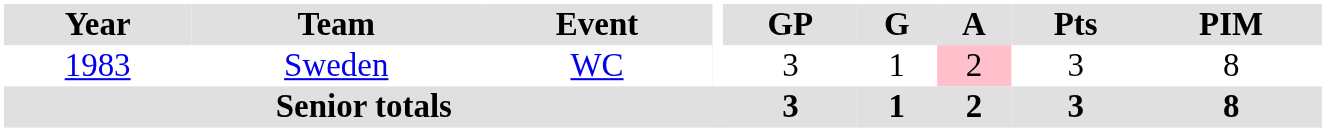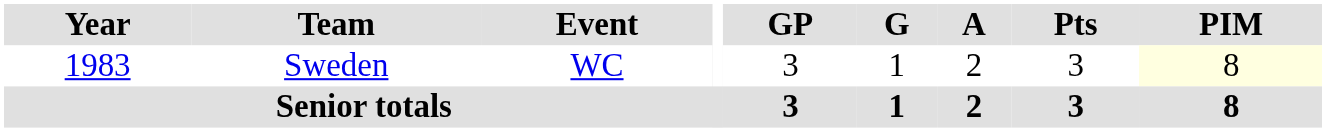 <table border="0" cellpadding="1" cellspacing="0" ID="Table3" style="text-align:center; width:40em">
 <tr bgcolor="#e0e0e0">
 <th>Year</th>
 <th>Team</th>
 <th>Event</th>
 <th rowspan="102" bgcolor="#ffffff"></th>
 <th>GP</th>
 <th>G</th>
 <th>A</th>
 <th>Pts</th>
 <th>PIM</th>
 </tr>
 <tr>
 <td><a href='#'>1983</a></td>
 <td><a href='#'>Sweden</a></td>
 <td><a href='#'>WC</a></td>
 <td>3</td>
 <td>1</td>
-<td style="background: pink;">2</td>
+<td>2</td>
 <td>3</td>
-<td>8</td>
+<td style="background: lightyellow;">8</td>
 </tr>
 <tr bgcolor="#e0e0e0">
 <th colspan="4">Senior totals</th>
 <th>3</th>
 <th>1</th>
 <th>2</th>
 <th>3</th>
 <th>8</th>
 </tr>
 </table>
